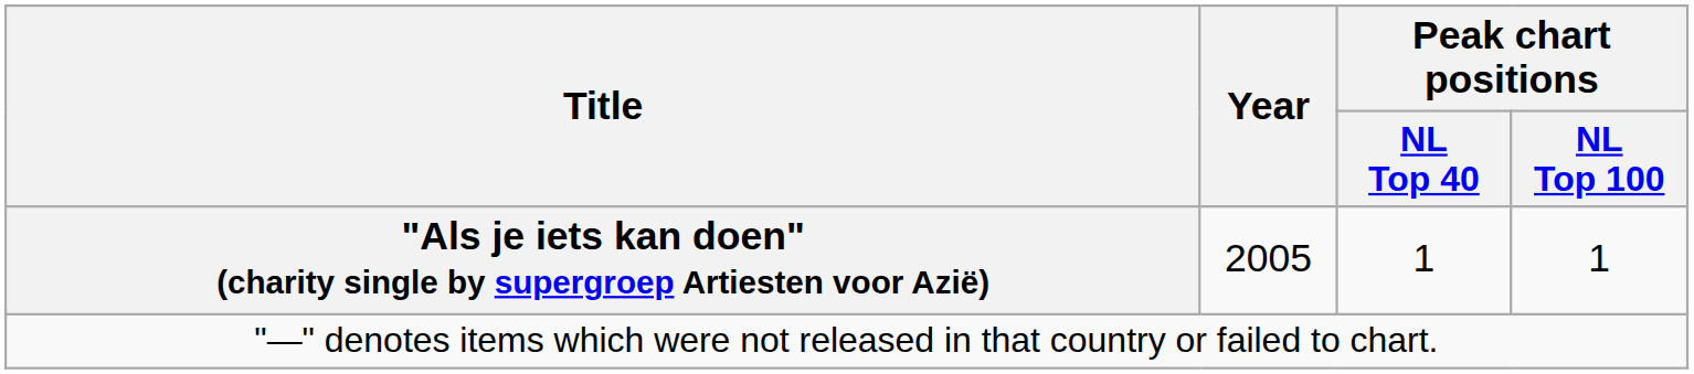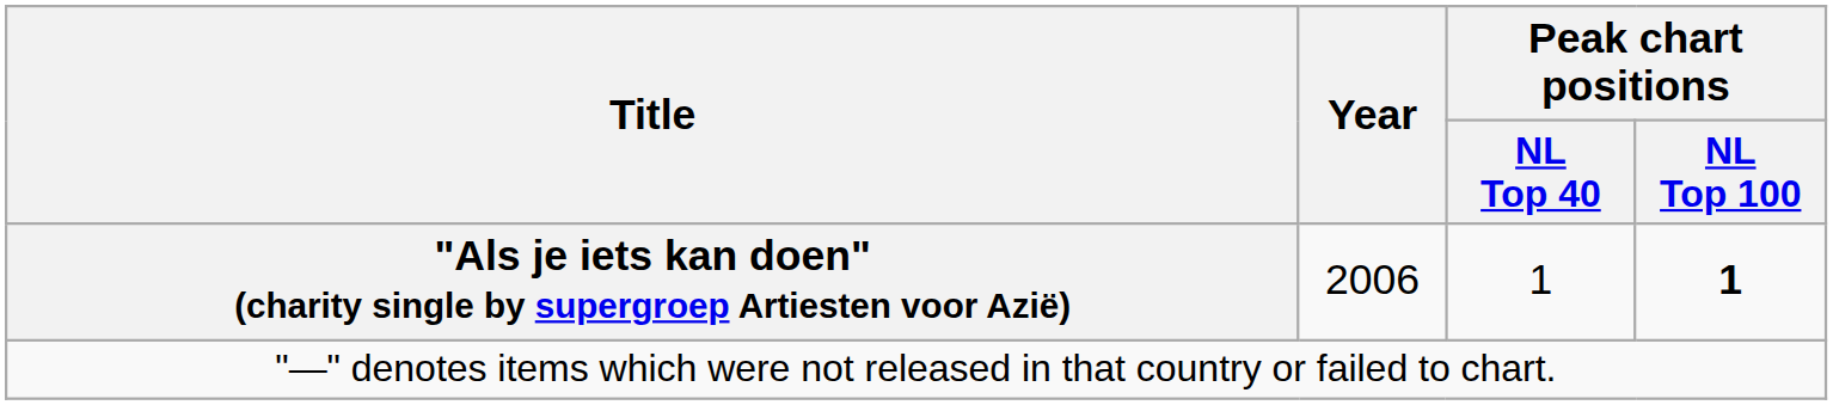 <table class="wikitable plainrowheaders" style="text-align:center;" border="1">
 <tr>
 <th scope="col" rowspan="2" style="width:30em;">Title</th>
 <th scope="col" rowspan="2" style="width:3em;">Year</th>
 <th scope="col" colspan="3">Peak chart positions</th>
 </tr>
 <tr>
 <th scope="col" style="width:4.5em;font-size:90%;"><a href='#'>NL<br>Top 40</a><br></th>
 <th scope="col" style="width:4.5em;font-size:90%;"><a href='#'>NL<br>Top 100</a><br></th>
 </tr>
 <tr>
 <th scope="row">"Als je iets kan doen"<br><small>(charity single by <a href='#'>supergroep</a> Artiesten voor Azië)</small></th>
-<td rowspan="1">2005</td>
+<td rowspan="1">2006</td>
 <td>1</td>
-<td>1</td>
+<td><strong>1</strong></td>
 </tr>
 <tr>
 <td colspan="7" align="center" style="font-size:90%;">"—" denotes items which were not released in that country or failed to chart.</td>
 </tr>
 </table>
